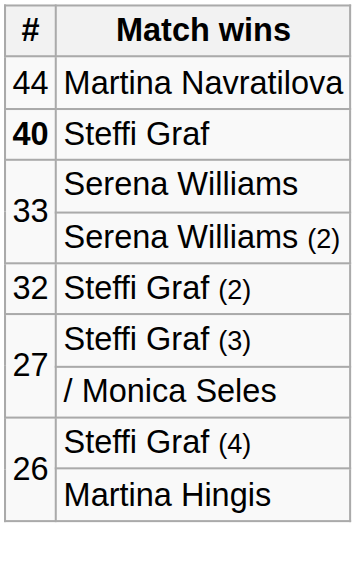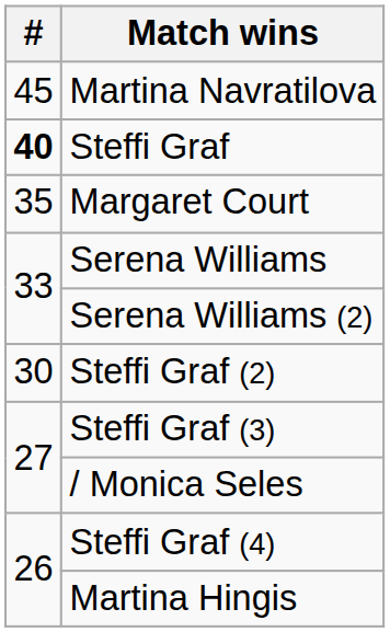 <table class=wikitable style="display:inline-table;">
 <tr>
 <th>#</th>
 <th>Match wins</th>
 </tr>
 <tr>
-<td>44</td>
+<td>45</td>
 <td> Martina Navratilova</td>
 </tr>
 <tr>
 <td><strong>40</strong></td>
 <td> Steffi Graf</td>
+</tr>
+<tr>
+<td>35</td>
+<td> Margaret Court</td>
 </tr>
 <tr>
 <td rowspan=2>33</td>
 <td> Serena Williams</td>
 </tr>
 <tr>
 <td> Serena Williams <small>(2)</small></td>
 </tr>
 <tr>
-<td>32</td>
+<td>30</td>
 <td> Steffi Graf <small>(2)</small></td>
 </tr>
 <tr>
 <td rowspan=2>27</td>
 <td> Steffi Graf <small>(3)</small></td>
 </tr>
 <tr>
 <td>/ Monica Seles</td>
 </tr>
 <tr>
 <td rowspan=2>26</td>
 <td> Steffi Graf <small>(4)</small></td>
 </tr>
 <tr>
 <td> Martina Hingis</td>
 </tr>
 </table>
